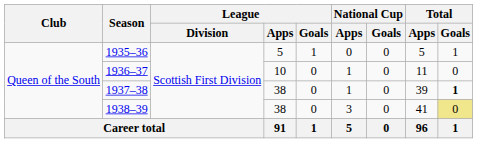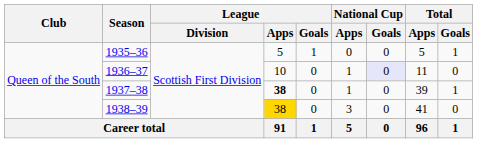 <table class="wikitable" style="text-align: center">
 <tr>
 <th rowspan="2">Club</th>
 <th rowspan="2">Season</th>
 <th colspan="3">League</th>
 <th colspan="2">National Cup</th>
 <th colspan="2">Total</th>
 </tr>
 <tr>
 <th>Division</th>
 <th>Apps</th>
 <th>Goals</th>
 <th>Apps</th>
 <th>Goals</th>
 <th>Apps</th>
 <th>Goals</th>
 </tr>
 <tr>
 <td rowspan="4"><a href='#'>Queen of the South</a></td>
 <td><a href='#'>1935–36</a></td>
 <td rowspan="4"><a href='#'>Scottish First Division</a></td>
 <td>5</td>
 <td>1</td>
 <td>0</td>
 <td>0</td>
 <td>5</td>
 <td>1</td>
 </tr>
 <tr>
 <td><a href='#'>1936–37</a></td>
 <td>10</td>
 <td>0</td>
 <td>1</td>
-<td>0</td>
+<td style="background: lavender;">0</td>
 <td>11</td>
 <td>0</td>
 </tr>
 <tr>
 <td><a href='#'>1937–38</a></td>
-<td>38</td>
+<td><strong>38</strong></td>
 <td>0</td>
 <td>1</td>
 <td>0</td>
 <td>39</td>
-<td><strong>1</strong></td>
+<td>1</td>
 </tr>
 <tr>
 <td><a href='#'>1938–39</a></td>
-<td>38</td>
+<td style="background: gold;">38</td>
 <td>0</td>
 <td>3</td>
 <td>0</td>
 <td>41</td>
-<td style="background: khaki;">0</td>
+<td>0</td>
 </tr>
 <tr>
 <th colspan="3">Career total</th>
 <th>91</th>
 <th>1</th>
 <th>5</th>
 <th>0</th>
 <th>96</th>
 <th>1</th>
 </tr>
 </table>
